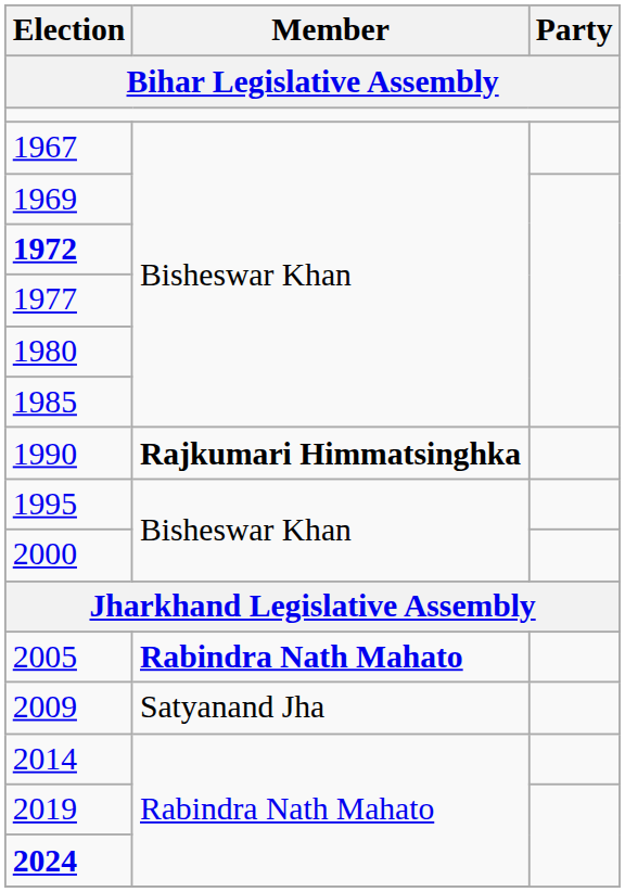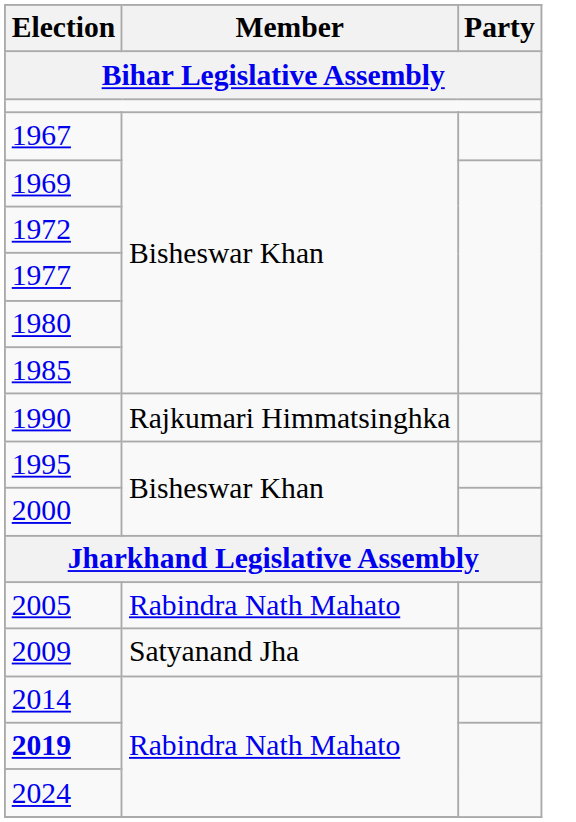 <table class="wikitable sortable">
 <tr>
 <th>Election</th>
 <th>Member</th>
 <th colspan=2>Party</th>
 </tr>
 <tr>
 <th colspan=4><a href='#'>Bihar Legislative Assembly</a></th>
 </tr>
 <tr>
 <td colspan="4"></td>
 </tr>
 <tr>
 <td><a href='#'>1967</a></td>
 <td rowspan=6>Bisheswar Khan</td>
 <td></td>
 </tr>
 <tr>
 <td><a href='#'>1969</a></td>
 </tr>
 <tr>
-<td><strong><a href='#'>1972</a></strong></td>
+<td><a href='#'>1972</a></td>
 </tr>
 <tr>
 <td><a href='#'>1977</a></td>
 </tr>
 <tr>
 <td><a href='#'>1980</a></td>
 </tr>
 <tr>
 <td><a href='#'>1985</a></td>
 </tr>
 <tr>
 <td><a href='#'>1990</a></td>
-<td><strong>Rajkumari Himmatsinghka</strong></td>
+<td>Rajkumari Himmatsinghka</td>
 <td></td>
 </tr>
 <tr>
 <td><a href='#'>1995</a></td>
 <td rowspan=2>Bisheswar Khan</td>
 <td></td>
 </tr>
 <tr>
 <td><a href='#'>2000</a></td>
 </tr>
 <tr>
 <th colspan=4><a href='#'>Jharkhand Legislative Assembly</a></th>
 </tr>
 <tr>
 <td><a href='#'>2005</a></td>
-<td><strong><a href='#'>Rabindra Nath Mahato</a></strong></td>
+<td><a href='#'>Rabindra Nath Mahato</a></td>
 <td></td>
 </tr>
 <tr>
 <td><a href='#'>2009</a></td>
 <td>Satyanand Jha</td>
 <td></td>
 </tr>
 <tr>
 <td><a href='#'>2014</a></td>
 <td rowspan=3><a href='#'>Rabindra Nath Mahato</a></td>
 <td></td>
 </tr>
 <tr>
-<td><a href='#'>2019</a></td>
+<td><strong><a href='#'>2019</a></strong></td>
 </tr>
 <tr>
-<td><strong><a href='#'>2024</a></strong></td>
+<td><a href='#'>2024</a></td>
 </tr>
 <tr>
 </tr>
 </table>
